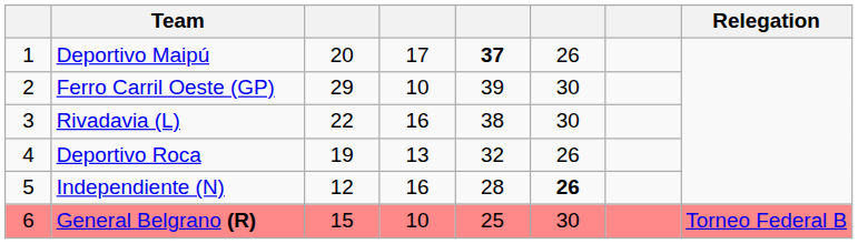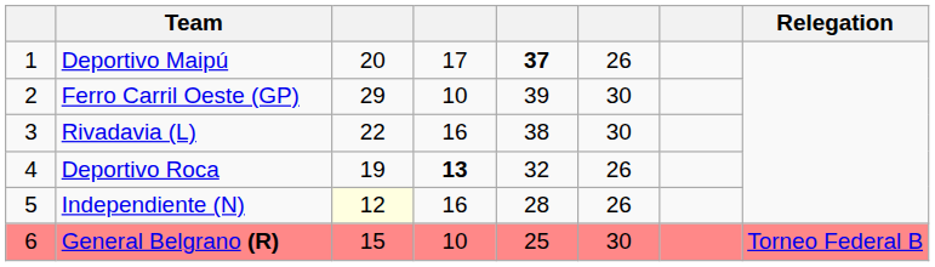 <table class="wikitable" style="text-align: center;">
 <tr>
 <th width=28><br></th>
 <th width=185>Team</th>
 <th width=50></th>
 <th width=50></th>
 <th width=50></th>
 <th width=50></th>
 <th width=50><br></th>
 <th>Relegation</th>
 </tr>
 <tr>
 <td>1</td>
 <td align="left"><a href='#'>Deportivo Maipú</a></td>
 <td>20</td>
 <td>17</td>
 <td><strong>37</strong></td>
 <td>26</td>
 <td><strong></strong></td>
 </tr>
 <tr>
 <td>2</td>
 <td align="left"><a href='#'>Ferro Carril Oeste (GP)</a></td>
 <td>29</td>
 <td>10</td>
 <td>39</td>
 <td>30</td>
 <td><strong></strong></td>
 </tr>
 <tr>
 <td>3</td>
 <td align="left"><a href='#'>Rivadavia (L)</a></td>
 <td>22</td>
 <td>16</td>
 <td>38</td>
 <td>30</td>
 <td><strong></strong></td>
 </tr>
 <tr>
 <td>4</td>
 <td align="left"><a href='#'>Deportivo Roca</a></td>
 <td>19</td>
-<td>13</td>
+<td><strong>13</strong></td>
 <td>32</td>
 <td>26</td>
 <td><strong></strong></td>
 </tr>
 <tr>
 <td>5</td>
 <td align="left"><a href='#'>Independiente (N)</a></td>
-<td>12</td>
+<td style="background: lightyellow;">12</td>
 <td>16</td>
 <td>28</td>
-<td><strong>26</strong></td>
+<td>26</td>
 <td><strong></strong></td>
 </tr>
 <tr bgcolor=#FF8888>
 <td>6</td>
 <td align="left"><a href='#'>General Belgrano</a> <strong>(R)</strong></td>
 <td>15</td>
 <td>10</td>
 <td>25</td>
 <td>30</td>
 <td><strong></strong></td>
 <td><a href='#'>Torneo Federal B</a></td>
 </tr>
 </table>
